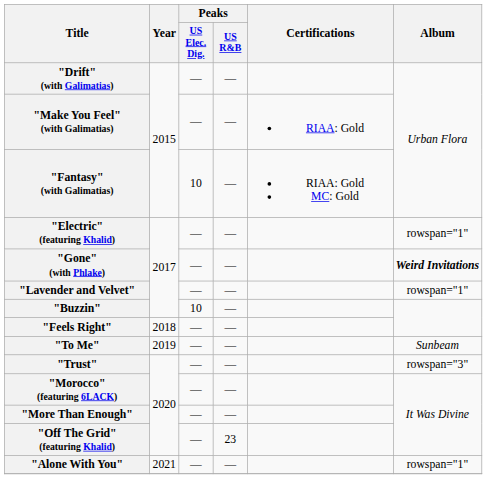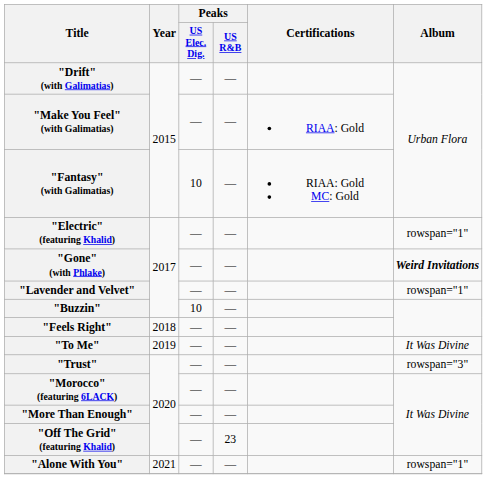 <table class="wikitable plainrowheaders" style="text-align:center;">
 <tr>
 <th scope="col" rowspan="2" style="width:12em;">Title</th>
 <th scope="col" rowspan="2" style="width:1em;">Year</th>
 <th colspan="2" scope="col">Peaks</th>
 <th scope="col" rowspan="2" style="width:12em;">Certifications</th>
 <th scope="col" rowspan="2">Album</th>
 </tr>
 <tr>
 <th scope="col" style="width:3em;font-size:85%;"><a href='#'>US<br>Elec.<br>Dig.</a></th>
 <th scope="col" style="width:3em;font-size:85%;"><a href='#'>US R&B</a></th>
 </tr>
 <tr>
 <th scope="row">"Drift"<br><small>(with <a href='#'>Galimatias</a>)</small></th>
 <td rowspan="3">2015</td>
 <td>—</td>
 <td>—</td>
 <td></td>
 <td rowspan="3"><em>Urban Flora</em></td>
 </tr>
 <tr>
 <th scope="row">"Make You Feel"<br><small>(with Galimatias)</small></th>
 <td>—</td>
 <td>—</td>
 <td><br><ul><li><a href='#'>RIAA</a>: Gold</li></ul></td>
 </tr>
 <tr>
 <th scope="row">"Fantasy"<br><small>(with Galimatias)</small></th>
 <td>10</td>
 <td>—</td>
 <td><br><ul><li>RIAA: Gold</li><li><a href='#'>MC</a>: Gold</li></ul></td>
 </tr>
 <tr>
 <th scope="row">"Electric"<br><small>(featuring <a href='#'>Khalid</a>)</small></th>
 <td rowspan="4">2017</td>
 <td>—</td>
 <td>—</td>
 <td></td>
 <td>rowspan="1" </td>
 </tr>
 <tr>
 <th scope="row">"Gone"<br><small>(with <a href='#'>Phlake</a>)</small></th>
 <td>—</td>
 <td>—</td>
 <td></td>
 <td><strong><em>Weird Invitations</em></strong></td>
 </tr>
 <tr>
 <th scope="row">"Lavender and Velvet"</th>
 <td>—</td>
 <td>—</td>
 <td></td>
 <td>rowspan="1" </td>
 </tr>
 <tr>
 <th scope="row">"Buzzin"</th>
 <td>10</td>
 <td>—</td>
 <td></td>
 </tr>
 <tr>
 <th scope="row">"Feels Right"</th>
 <td>2018</td>
 <td>—</td>
 <td>—</td>
 <td></td>
 </tr>
 <tr>
 <th scope="row">"To Me"</th>
 <td>2019</td>
 <td>—</td>
 <td>—</td>
 <td></td>
-<td><em>Sunbeam</em></td>
+<td><em>It Was Divine</em></td>
 </tr>
 <tr>
 <th scope="row">"Trust"</th>
 <td rowspan="4">2020</td>
 <td>—</td>
 <td>—</td>
 <td></td>
 <td>rowspan="3" </td>
 </tr>
 <tr>
 <th scope="row">"Morocco"<br><small>(featuring <a href='#'>6LACK</a>)</small></th>
 <td>—</td>
 <td>—</td>
 <td></td>
 <td rowspan="3"><em>It Was Divine</em></td>
 </tr>
 <tr>
 <th scope="row">"More Than Enough"</th>
 <td>—</td>
 <td>—</td>
 <td></td>
 </tr>
 <tr>
 <th scope="row">"Off The Grid"<br><small>(featuring <a href='#'>Khalid</a>)</small></th>
 <td>—</td>
 <td>23</td>
 <td></td>
 </tr>
 <tr>
 <th scope="row">"Alone With You"</th>
 <td rowspan="1">2021</td>
 <td>—</td>
 <td>—</td>
 <td></td>
 <td>rowspan="1" </td>
 </tr>
 <tr>
 </tr>
 </table>
